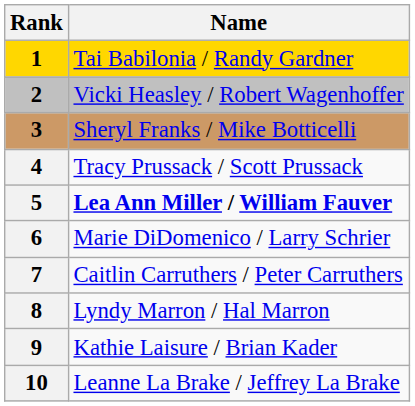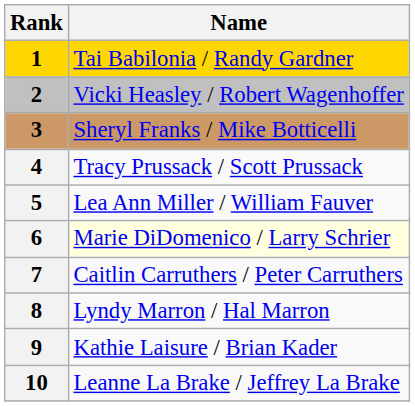 <table class="wikitable">
 <tr>
 <th>Rank</th>
 <th>Name</th>
 </tr>
 <tr bgcolor="gold">
 <td align="center"><strong>1</strong></td>
 <td><a href='#'>Tai Babilonia</a> / <a href='#'>Randy Gardner</a></td>
 </tr>
 <tr bgcolor="silver">
 <td align="center"><strong>2</strong></td>
 <td><a href='#'>Vicki Heasley</a> / <a href='#'>Robert Wagenhoffer</a></td>
 </tr>
 <tr bgcolor="cc9966">
 <td align="center"><strong>3</strong></td>
 <td><a href='#'>Sheryl Franks</a> / <a href='#'>Mike Botticelli</a></td>
 </tr>
 <tr>
 <th>4</th>
 <td><a href='#'>Tracy Prussack</a> / <a href='#'>Scott Prussack</a></td>
 </tr>
 <tr>
 <th>5</th>
-<td><strong><a href='#'>Lea Ann Miller</a> / <a href='#'>William Fauver</a></strong></td>
+<td><a href='#'>Lea Ann Miller</a> / <a href='#'>William Fauver</a></td>
 </tr>
 <tr>
 <th>6</th>
-<td><a href='#'>Marie DiDomenico</a> / <a href='#'>Larry Schrier</a></td>
+<td style="background: lightyellow;"><a href='#'>Marie DiDomenico</a> / <a href='#'>Larry Schrier</a></td>
 </tr>
 <tr>
 <th>7</th>
 <td><a href='#'>Caitlin Carruthers</a> / <a href='#'>Peter Carruthers</a></td>
 </tr>
 <tr>
 <th>8</th>
 <td><a href='#'>Lyndy Marron</a> / <a href='#'>Hal Marron</a></td>
 </tr>
 <tr>
 <th>9</th>
 <td><a href='#'>Kathie Laisure</a> / <a href='#'>Brian Kader</a></td>
 </tr>
 <tr>
 <th>10</th>
 <td><a href='#'>Leanne La Brake</a> / <a href='#'>Jeffrey La Brake</a></td>
 </tr>
 </table>
